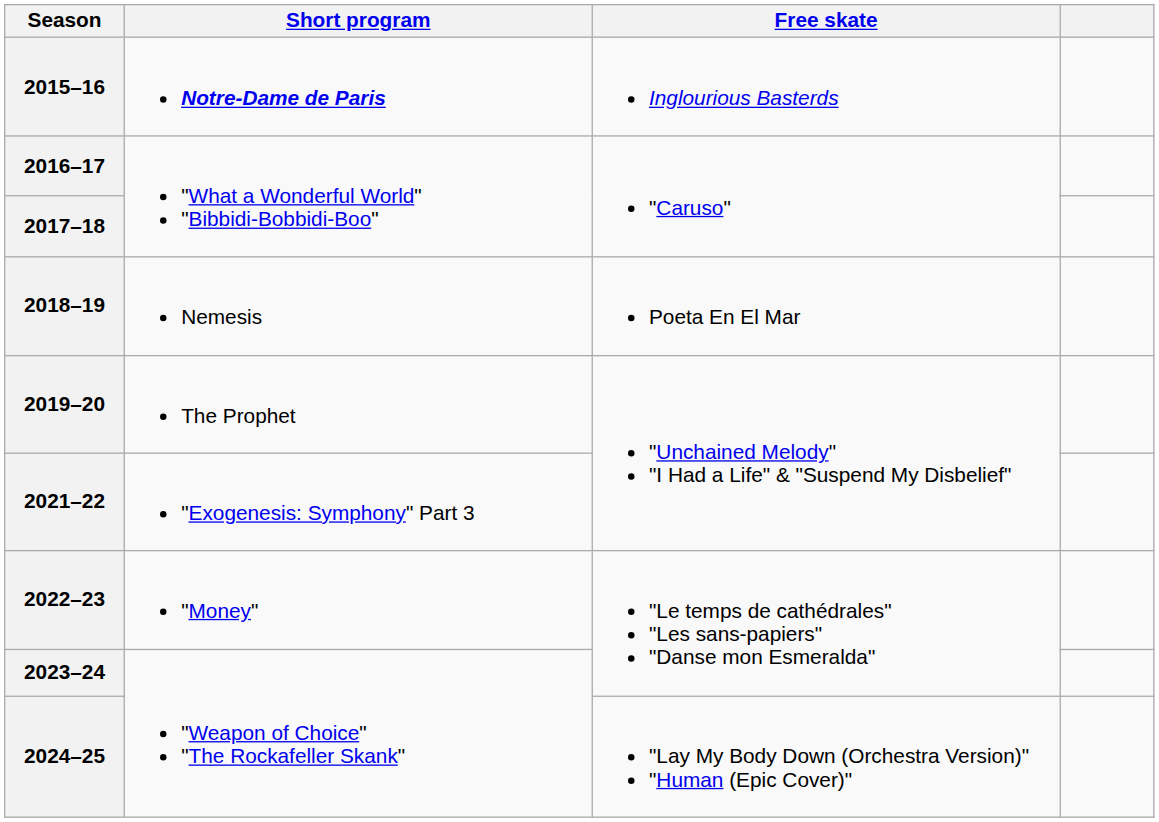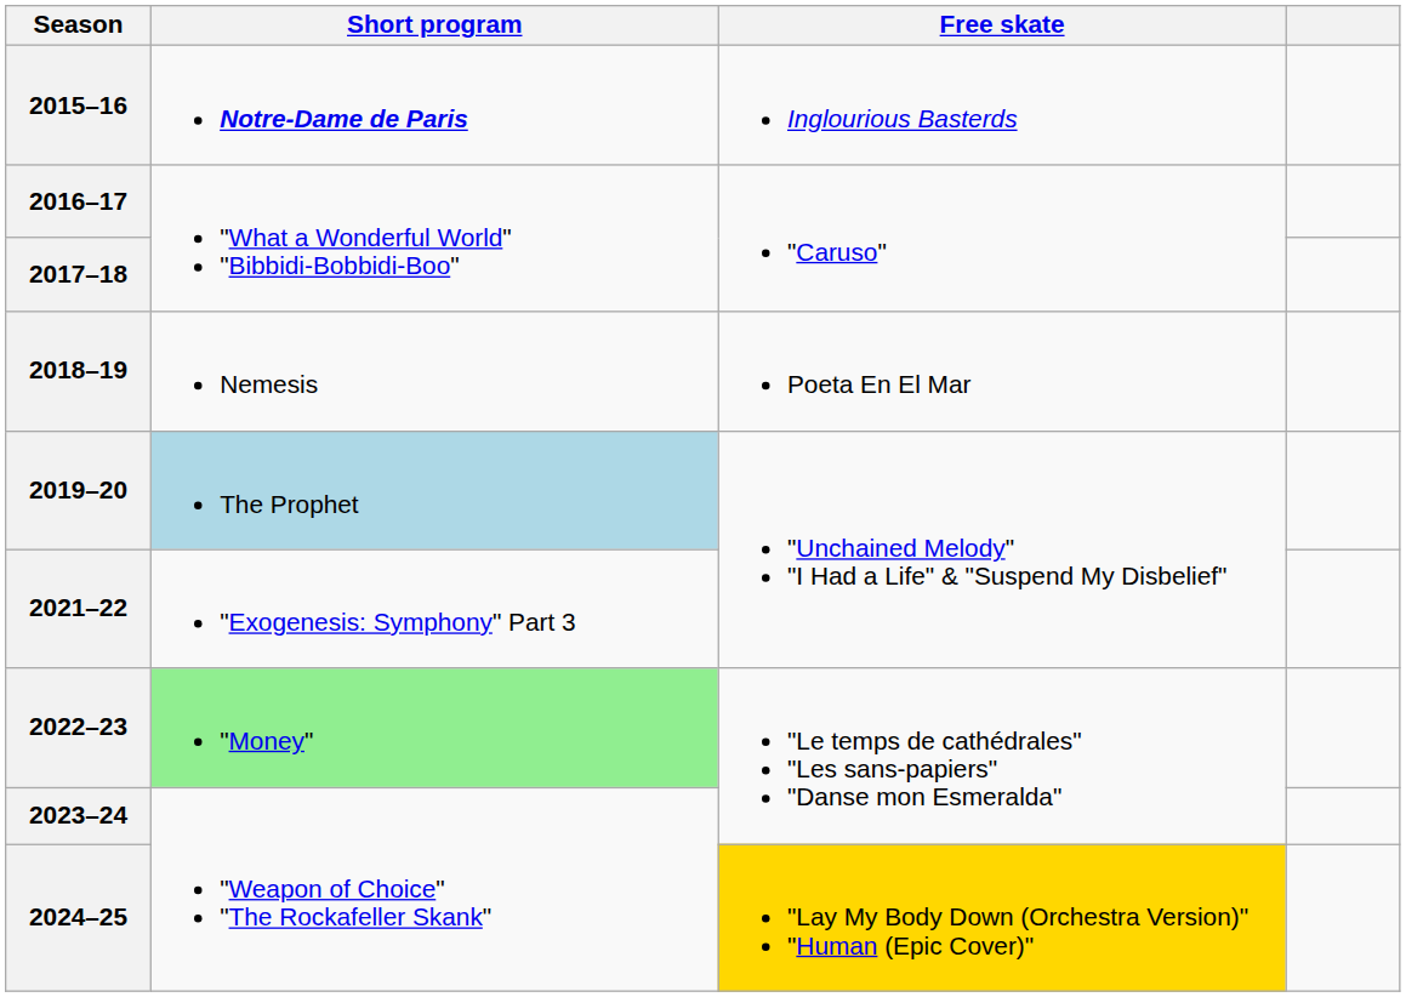 <table class="wikitable unsortable" style="text-align:left; width:70%">
 <tr>
 <th scope="col" style="text-align:center; width:5%">Season</th>
 <th scope="col" style="text-align:center; width:25%"><a href='#'>Short program</a></th>
 <th scope="col" style="text-align:center; width:25%"><a href='#'>Free skate</a></th>
 <th scope="col" style="text-align:center; width:5%"></th>
 </tr>
 <tr>
 <th scope="row">2015–16</th>
 <td><strong><br><ul><li><em><a href='#'>Notre-Dame de Paris</a></em><br></li></ul></strong></td>
 <td><br><ul><li><em><a href='#'>Inglourious Basterds</a></em><br></li></ul></td>
 <td></td>
 </tr>
 <tr>
 <th scope="row">2016–17</th>
 <td rowspan="2"><br><ul><li>"<a href='#'>What a Wonderful World</a>"</li><li>"<a href='#'>Bibbidi-Bobbidi-Boo</a>"<br></li></ul></td>
 <td rowspan="2"><br><ul><li>"<a href='#'>Caruso</a>"<br></li></ul></td>
 <td></td>
 </tr>
 <tr>
 <th scope="row">2017–18</th>
 <td></td>
 </tr>
 <tr>
 <th scope="row">2018–19</th>
 <td><br><ul><li>Nemesis<br></li></ul></td>
 <td><br><ul><li>Poeta En El Mar<br></li></ul></td>
 <td></td>
 </tr>
 <tr>
 <th scope="row">2019–20</th>
-<td><br><ul><li>The Prophet<br></li></ul></td>
+<td style="background: lightblue;"><br><ul><li>The Prophet<br></li></ul></td>
 <td rowspan="2"><br><ul><li>"<a href='#'>Unchained Melody</a>"<br></li><li>"I Had a Life" & "Suspend My Disbelief"<br></li></ul></td>
 <td></td>
 </tr>
 <tr>
 <th scope="row">2021–22</th>
 <td><br><ul><li>"<a href='#'>Exogenesis: Symphony</a>" Part 3<br></li></ul></td>
 <td></td>
 </tr>
 <tr>
 <th scope="row">2022–23</th>
-<td><br><ul><li>"<a href='#'>Money</a>"<br></li></ul></td>
+<td style="background: lightgreen;"><br><ul><li>"<a href='#'>Money</a>"<br></li></ul></td>
 <td rowspan="2"><br><ul><li>"Le temps de cathédrales"</li><li>"Les sans-papiers"</li><li>"Danse mon Esmeralda"<br></li></ul></td>
 <td></td>
 </tr>
 <tr>
 <th scope="row">2023–24</th>
 <td rowspan=2><br><ul><li>"<a href='#'>Weapon of Choice</a>"</li><li>"<a href='#'>The Rockafeller Skank</a>"<br></li></ul></td>
 <td></td>
 </tr>
 <tr>
 <th scope="row">2024–25</th>
-<td><br><ul><li>"Lay My Body Down (Orchestra Version)" <br> </li><li>"<a href='#'>Human</a> (Epic Cover)" <br> </li></ul></td>
+<td style="background: gold;"><br><ul><li>"Lay My Body Down (Orchestra Version)" <br> </li><li>"<a href='#'>Human</a> (Epic Cover)" <br> </li></ul></td>
 </tr>
 </table>
